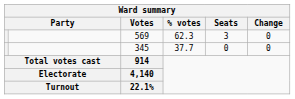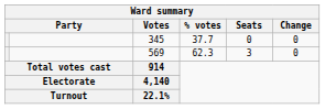 <table class="wikitable" style="font-size: 95%;">
 <tr style="background-color:#E9E9E9">
 <th colspan="6">Ward summary</th>
 </tr>
 <tr style="background-color:#E9E9E9">
 <th colspan="2">Party</th>
 <th style="width: 60px">Votes</th>
 <th style="width: 60px">% votes</th>
 <th style="width: 60px">Seats</th>
 <th style="width: 60px">Change</th>
 </tr>
 <tr>
 <th style="background-color: "></th>
 <td style="width: 170px"><a href='#'></a></td>
-<td align="center">569</td>
-<td align="center">62.3</td>
-<td align="center">3</td>
+<td align="center">345</td>
+<td align="center">37.7</td>
+<td align="center">0</td>
 <td align="center">0</td>
 </tr>
 <tr>
 <th style="background-color: "></th>
 <td style="width: 170px"><a href='#'></a></td>
-<td align="center">345</td>
-<td align="center">37.7</td>
-<td align="center">0</td>
+<td align="center">569</td>
+<td align="center">62.3</td>
+<td align="center">3</td>
 <td align="center">0</td>
 </tr>
 <tr style="background-color:#E9E9E9">
 <th colspan="2">Total votes cast</th>
 <th style="width: 60px">914</th>
 </tr>
 <tr style="background-color:#E9E9E9">
 <th colspan="2">Electorate</th>
 <th style="width: 60px">4,140</th>
 </tr>
 <tr style="background-color:#E9E9E9">
 <th colspan="2">Turnout</th>
 <th style="width: 60px">22.1%</th>
 </tr>
 </table>
